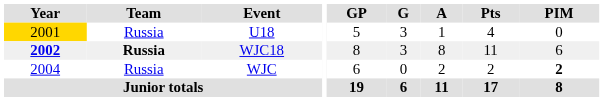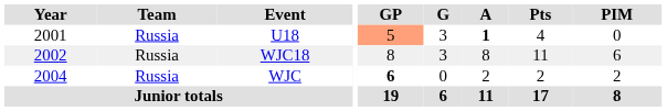 <table border="0" cellpadding="1" cellspacing="0" ID="Table3" style="text-align:center; width:40em">
 <tr ALIGN="center" bgcolor="#e0e0e0">
 <th>Year</th>
 <th>Team</th>
 <th>Event</th>
 <th rowspan="99" bgcolor="#ffffff"></th>
 <th>GP</th>
 <th>G</th>
 <th>A</th>
 <th>Pts</th>
 <th>PIM</th>
 </tr>
 <tr>
-<td style="background: gold;">2001</td>
+<td>2001</td>
 <td><a href='#'>Russia</a></td>
 <td><a href='#'>U18</a></td>
-<td>5</td>
+<td style="background: lightsalmon;">5</td>
 <td>3</td>
-<td>1</td>
+<td><strong>1</strong></td>
 <td>4</td>
 <td>0</td>
 </tr>
 <tr bgcolor="#f0f0f0">
-<td><strong><a href='#'>2002</a></strong></td>
-<td><strong>Russia</strong></td>
+<td><a href='#'>2002</a></td>
+<td>Russia</td>
 <td><a href='#'>WJC18</a></td>
 <td>8</td>
 <td>3</td>
 <td>8</td>
 <td>11</td>
 <td>6</td>
 </tr>
 <tr>
 <td><a href='#'>2004</a></td>
 <td><a href='#'>Russia</a></td>
 <td><a href='#'>WJC</a></td>
-<td>6</td>
+<td><strong>6</strong></td>
 <td>0</td>
 <td>2</td>
 <td>2</td>
-<td><strong>2</strong></td>
+<td>2</td>
 </tr>
 <tr bgcolor="#e0e0e0">
 <th colspan="3">Junior totals</th>
 <th>19</th>
 <th>6</th>
 <th>11</th>
 <th>17</th>
 <th>8</th>
 </tr>
 </table>
